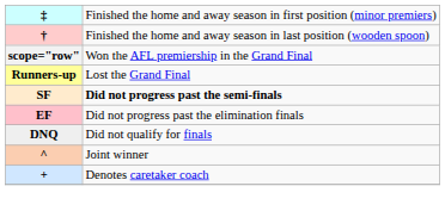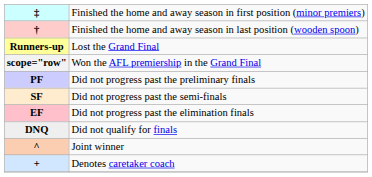 <table class="wikitable">
 <tr>
 <th scope="row" style="text-align:center; background:#CCFFFF">‡</th>
 <td>Finished the home and away season in first position (<a href='#'>minor premiers</a>)</td>
 </tr>
 <tr>
 <th scope="row" style="text-align:center; background:#fcc">†</th>
 <td>Finished the home and away season in last position (<a href='#'>wooden spoon</a>)</td>
 </tr>
 <tr>
+<th scope="row" style="text-align:center; background:#ff9;">Runners-up</th>
+<td>Lost the <a href='#'>Grand Final</a></td>
+</tr>
+<tr>
 <th>scope="row" </th>
 <td>Won the <a href='#'>AFL premiership</a> in the <a href='#'>Grand Final</a></td>
 </tr>
 <tr>
-<th scope="row" style="text-align:center; background:#ff9;">Runners-up</th>
-<td>Lost the <a href='#'>Grand Final</a></td>
+<th scope="row" style="text-align:center; background:#ccf">PF</th>
+<td>Did not progress past the preliminary finals</td>
 </tr>
 <tr>
 <th scope="row" style="text-align:center; background:#ffebcd">SF</th>
-<td><strong>Did not progress past the semi-finals</strong></td>
+<td>Did not progress past the semi-finals</td>
 </tr>
 <tr>
 <th scope="row" style="text-align:center; background:#FFC0CB">EF</th>
 <td>Did not progress past the elimination finals</td>
 </tr>
 <tr>
 <th scope="row" style="text-align:center; background:#efefef">DNQ</th>
 <td>Did not qualify for <a href='#'>finals</a></td>
 </tr>
 <tr>
 <th scope="row" style="text-align:center; background:#FBCEB1">^</th>
 <td>Joint winner</td>
 </tr>
 <tr>
 <th scope="row" style="text-align:center; background:#d0e7ff">+</th>
 <td>Denotes <a href='#'>caretaker coach</a></td>
 </tr>
 <tr>
 </tr>
 </table>
